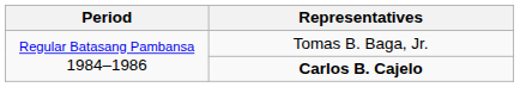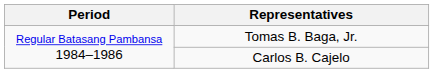 <table class="wikitable" style="text-align:center; width:40%;">
 <tr>
 <th width="40%">Period</th>
 <th>Representatives</th>
 </tr>
 <tr>
 <td rowspan="2"><small><a href='#'>Regular Batasang Pambansa</a></small><br>1984–1986</td>
 <td>Tomas B. Baga, Jr.</td>
 </tr>
 <tr>
-<td><strong>Carlos B. Cajelo</strong></td>
+<td>Carlos B. Cajelo</td>
 </tr>
 </table>
